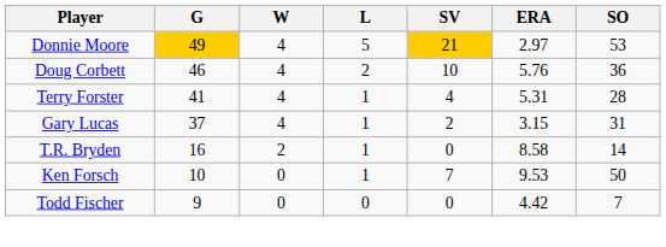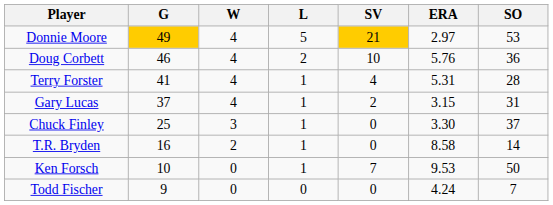 <table class="wikitable sortable">
 <tr>
 <th bgcolor="#DDDDFF" width="16%">Player</th>
 <th bgcolor="#DDDDFF" width="9%">G</th>
 <th bgcolor="#DDDDFF" width="9%">W</th>
 <th bgcolor="#DDDDFF" width="9%">L</th>
 <th bgcolor="#DDDDFF" width="9%">SV</th>
 <th bgcolor="#DDDDFF" width="9%">ERA</th>
 <th bgcolor="#DDDDFF" width="9%">SO</th>
 </tr>
 <tr align="center">
 <td><a href='#'>Donnie Moore</a></td>
 <td style="background:#fc0;">49</td>
 <td>4</td>
 <td>5</td>
 <td style="background:#fc0;">21</td>
 <td>2.97</td>
 <td>53</td>
 </tr>
 <tr align="center">
 <td><a href='#'>Doug Corbett</a></td>
 <td>46</td>
 <td>4</td>
 <td>2</td>
 <td>10</td>
 <td>5.76</td>
 <td>36</td>
 </tr>
 <tr align="center">
 <td><a href='#'>Terry Forster</a></td>
 <td>41</td>
 <td>4</td>
 <td>1</td>
 <td>4</td>
 <td>5.31</td>
 <td>28</td>
 </tr>
 <tr align="center">
 <td><a href='#'>Gary Lucas</a></td>
 <td>37</td>
 <td>4</td>
 <td>1</td>
 <td>2</td>
 <td>3.15</td>
 <td>31</td>
 </tr>
 <tr align="center">
+<td><a href='#'>Chuck Finley</a></td>
+<td>25</td>
+<td>3</td>
+<td>1</td>
+<td>0</td>
+<td>3.30</td>
+<td>37</td>
+</tr>
+<tr align="center">
 <td><a href='#'>T.R. Bryden</a></td>
 <td>16</td>
 <td>2</td>
 <td>1</td>
 <td>0</td>
 <td>8.58</td>
 <td>14</td>
 </tr>
 <tr align="center">
 <td><a href='#'>Ken Forsch</a></td>
 <td>10</td>
 <td>0</td>
 <td>1</td>
 <td>7</td>
 <td>9.53</td>
 <td>50</td>
 </tr>
 <tr align="center">
 <td><a href='#'>Todd Fischer</a></td>
 <td>9</td>
 <td>0</td>
 <td>0</td>
 <td>0</td>
-<td>4.42</td>
+<td>4.24</td>
 <td>7</td>
 </tr>
 </table>
